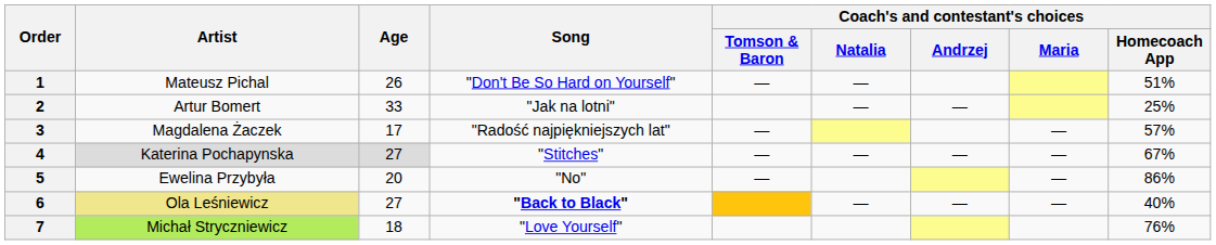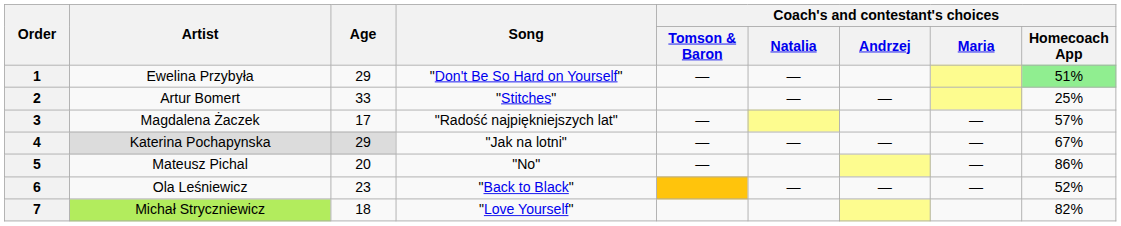 <table class="wikitable" style="text-align:center; width:100%;">
 <tr>
 <th scope="col" rowspan="2" style="width:05%;">Order</th>
 <th scope="col" rowspan="2" style="width:20%;">Artist</th>
 <th scope="col" rowspan="2" style="width:05%;">Age</th>
 <th scope="col" rowspan="2" style="width:20%;">Song</th>
 <th scope="col" colspan="5" style="width:32%;">Coach's and contestant's choices</th>
 </tr>
 <tr>
 <th style="width:07%;"><a href='#'>Tomson & Baron</a></th>
 <th style="width:07%;"><a href='#'>Natalia</a></th>
 <th style="width:07%;"><a href='#'>Andrzej</a></th>
 <th style="width:07%;"><a href='#'>Maria</a></th>
 <th style="width:04%;">Homecoach App</th>
 </tr>
 <tr>
 <th>1</th>
-<td>Mateusz Pichal</td>
-<td>26</td>
+<td>Ewelina Przybyła</td>
+<td>29</td>
 <td>"<a href='#'>Don't Be So Hard on Yourself</a>"</td>
 <td>—</td>
 <td>—</td>
 <td><strong></strong></td>
 <td style="background:#fdfc8f;"><strong></strong></td>
-<td>51%</td>
+<td style="background: lightgreen;">51%</td>
 </tr>
 <tr>
 <th>2</th>
 <td>Artur Bomert</td>
 <td>33</td>
-<td>"Jak na lotni"</td>
+<td>"<a href='#'>Stitches</a>"</td>
 <td><strong></strong></td>
 <td>—</td>
 <td>—</td>
 <td style="background:#fdfc8f;"><strong></strong></td>
 <td>25%</td>
 </tr>
 <tr>
 <th>3</th>
 <td>Magdalena Żaczek</td>
 <td>17</td>
 <td>"Radość najpiękniejszych lat"</td>
 <td>—</td>
 <td style="background:#fdfc8f;"><strong></strong></td>
 <td><strong></strong></td>
 <td>—</td>
 <td>57%</td>
 </tr>
 <tr>
 <th>4</th>
 <td style="background:#DCDCDC;">Katerina Pochapynska</td>
-<td style="background:#DCDCDC;">27</td>
-<td>"<a href='#'>Stitches</a>"</td>
+<td style="background:#DCDCDC;">29</td>
+<td>"Jak na lotni"</td>
 <td>—</td>
 <td>—</td>
 <td>—</td>
 <td>—</td>
 <td>67%</td>
 </tr>
 <tr>
 <th>5</th>
-<td>Ewelina Przybyła</td>
+<td>Mateusz Pichal</td>
 <td>20</td>
 <td>"No"</td>
 <td>—</td>
 <td><strong></strong></td>
 <td style="background:#fdfc8f;"><strong></strong></td>
 <td>—</td>
 <td>86%</td>
 </tr>
 <tr>
 <th>6</th>
-<td style="background: khaki;">Ola Leśniewicz</td>
-<td>27</td>
-<td><strong>"<a href='#'>Back to Black</a>"</strong></td>
+<td>Ola Leśniewicz</td>
+<td>23</td>
+<td>"<a href='#'>Back to Black</a>"</td>
 <td style="background:#FFC40C;"><strong></strong></td>
 <td>—</td>
 <td>—</td>
 <td>—</td>
-<td>40%</td>
+<td>52%</td>
 </tr>
 <tr>
 <th>7</th>
 <td style="background-color:#B2EC5D;">Michał Stryczniewicz</td>
 <td>18</td>
 <td>"<a href='#'>Love Yourself</a>"</td>
 <td><strong></strong></td>
 <td><strong></strong></td>
 <td style="background:#fdfc8f;"><strong></strong></td>
 <td><strong></strong></td>
-<td>76%</td>
+<td>82%</td>
 </tr>
 </table>
